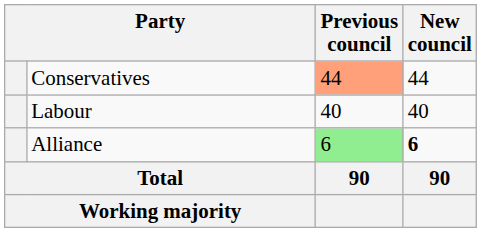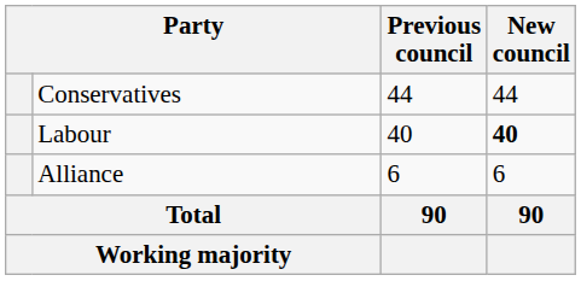 <table class="wikitable">
 <tr>
 <th valign=top colspan="2" style="width: 230px">Party</th>
 <th valign=top style="width: 30px">Previous council</th>
 <th valign=top style="width: 30px">New council</th>
 </tr>
 <tr>
 <th style="background-color: "></th>
 <td>Conservatives</td>
-<td style="background: lightsalmon;">44</td>
+<td>44</td>
 <td>44</td>
 </tr>
 <tr>
 <th style="background-color: "></th>
 <td>Labour</td>
 <td>40</td>
-<td>40</td>
+<td><strong>40</strong></td>
 </tr>
 <tr>
 <th style="background-color: "></th>
 <td>Alliance</td>
-<td style="background: lightgreen;">6</td>
-<td><strong>6</strong></td>
+<td>6</td>
+<td>6</td>
 </tr>
 <tr>
 <th colspan=2>Total</th>
 <th style="text-align: center">90</th>
 <th colspan=3>90</th>
 </tr>
 <tr>
 <th colspan=2>Working majority</th>
 <th></th>
 <th></th>
 </tr>
 </table>
